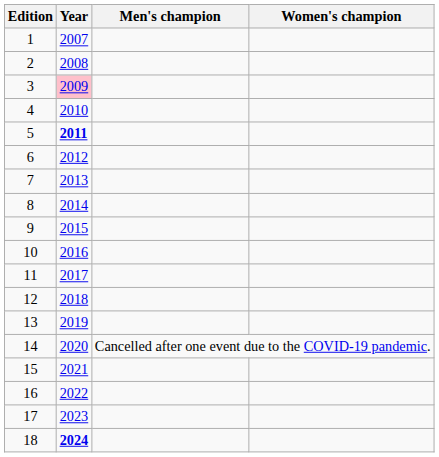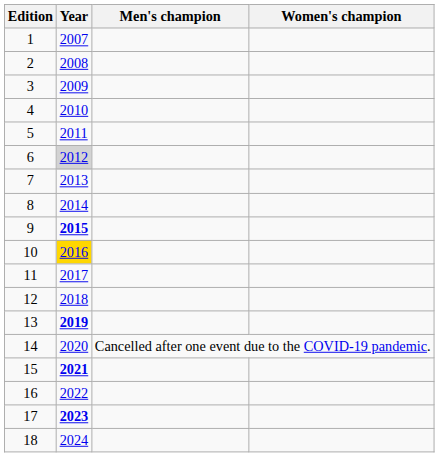 <table class="wikitable" style="font-size:95%">
 <tr>
 <th>Edition</th>
 <th>Year</th>
 <th>Men's champion</th>
 <th>Women's champion</th>
 </tr>
 <tr>
 <td style="text-align:center;">1</td>
 <td><a href='#'>2007</a></td>
 <td></td>
 <td></td>
 </tr>
 <tr>
 <td style="text-align:center;">2</td>
 <td><a href='#'>2008</a></td>
 <td></td>
 <td></td>
 </tr>
 <tr>
 <td style="text-align:center;">3</td>
-<td style="background: pink;"><a href='#'>2009</a></td>
+<td><a href='#'>2009</a></td>
 <td></td>
 <td></td>
 </tr>
 <tr>
 <td style="text-align:center;">4</td>
 <td><a href='#'>2010</a></td>
 <td></td>
 <td></td>
 </tr>
 <tr>
 <td style="text-align:center;">5</td>
-<td><strong><a href='#'>2011</a></strong></td>
+<td><a href='#'>2011</a></td>
 <td></td>
 <td></td>
 </tr>
 <tr>
 <td style="text-align:center;">6</td>
-<td><a href='#'>2012</a></td>
+<td style="background: lightgrey;"><a href='#'>2012</a></td>
 <td></td>
 <td></td>
 </tr>
 <tr>
 <td style="text-align:center;">7</td>
 <td><a href='#'>2013</a></td>
 <td></td>
 <td></td>
 </tr>
 <tr>
 <td style="text-align:center;">8</td>
 <td><a href='#'>2014</a></td>
 <td></td>
 <td></td>
 </tr>
 <tr>
 <td style="text-align:center;">9</td>
-<td><a href='#'>2015</a></td>
+<td><strong><a href='#'>2015</a></strong></td>
 <td></td>
 <td></td>
 </tr>
 <tr>
 <td style="text-align:center;">10</td>
-<td><a href='#'>2016</a></td>
+<td style="background: gold;"><a href='#'>2016</a></td>
 <td></td>
 <td></td>
 </tr>
 <tr>
 <td style="text-align:center;">11</td>
 <td><a href='#'>2017</a></td>
 <td></td>
 <td></td>
 </tr>
 <tr>
 <td style="text-align:center;">12</td>
 <td><a href='#'>2018</a></td>
 <td></td>
 <td></td>
 </tr>
 <tr>
 <td style="text-align:center;">13</td>
-<td><a href='#'>2019</a></td>
+<td><strong><a href='#'>2019</a></strong></td>
 <td></td>
 <td></td>
 </tr>
 <tr>
 <td style="text-align:center;">14</td>
 <td><a href='#'>2020</a></td>
 <td colspan=2>Cancelled after one event due to the <a href='#'>COVID-19 pandemic</a>.</td>
 </tr>
 <tr>
 <td style="text-align:center;">15</td>
-<td><a href='#'>2021</a></td>
+<td><strong><a href='#'>2021</a></strong></td>
 <td></td>
 <td><br></td>
 </tr>
 <tr>
 <td style="text-align:center;">16</td>
 <td><a href='#'>2022</a></td>
 <td><br></td>
 <td></td>
 </tr>
 <tr>
 <td style="text-align:center;">17</td>
-<td><a href='#'>2023</a></td>
+<td><strong><a href='#'>2023</a></strong></td>
 <td></td>
 <td></td>
 </tr>
 <tr>
 <td style="text-align:center;">18</td>
-<td><strong><a href='#'>2024</a></strong></td>
+<td><a href='#'>2024</a></td>
 <td></td>
 <td></td>
 </tr>
 </table>
